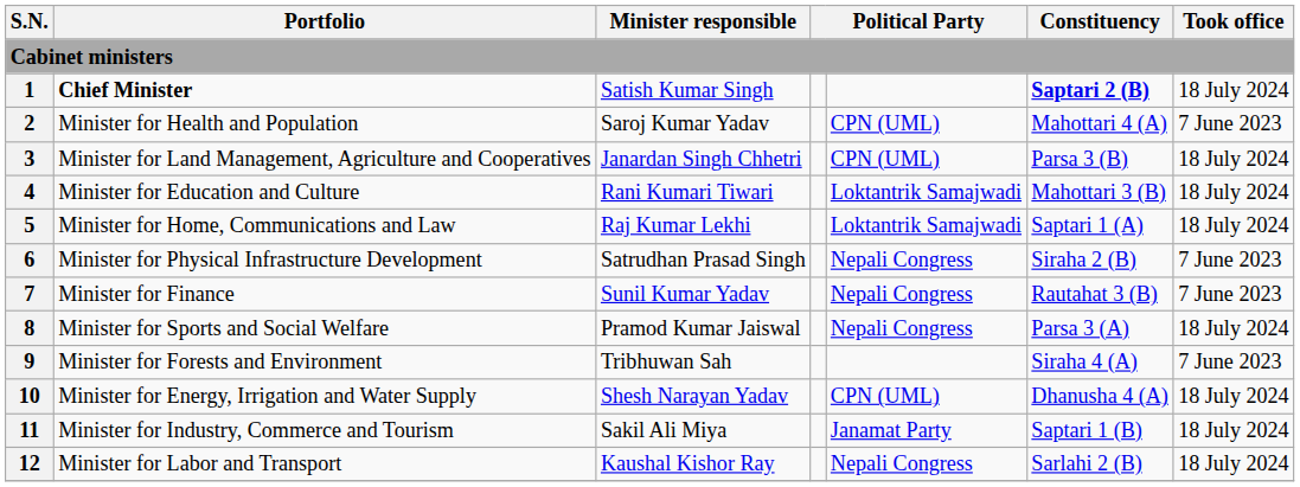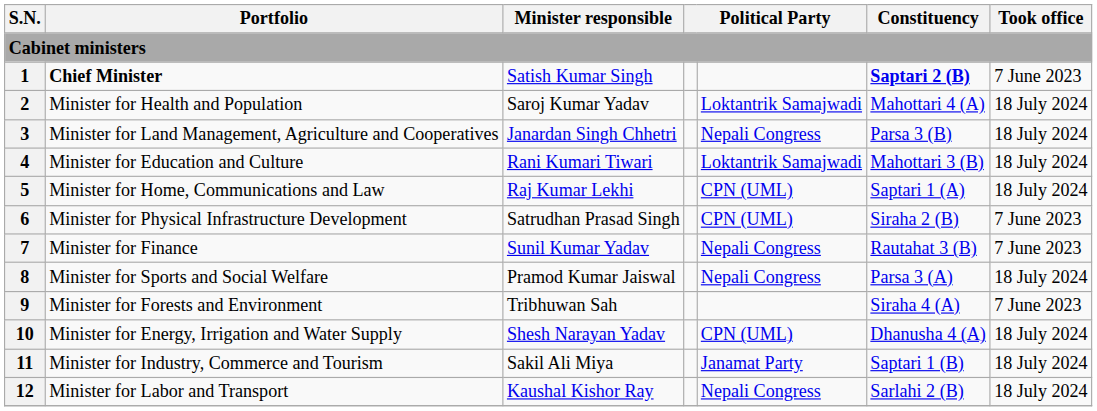 <table class="wikitable">
 <tr>
 <th>S.N.</th>
 <th>Portfolio</th>
 <th>Minister responsible</th>
 <th colspan="2">Political Party</th>
 <th>Constituency</th>
 <th>Took office</th>
 </tr>
 <tr>
 <td colspan="7" bgcolor="darkgrey"><strong>Cabinet ministers</strong></td>
 </tr>
 <tr>
 <th>1</th>
 <td><strong>Chief Minister</strong></td>
 <td><a href='#'>Satish Kumar Singh</a></td>
 <td></td>
 <td></td>
 <td><strong><a href='#'>Saptari 2 (B)</a></strong></td>
-<td>18 July 2024</td>
+<td>7 June 2023</td>
 </tr>
 <tr>
 <th>2</th>
 <td>Minister for Health and Population</td>
 <td>Saroj Kumar Yadav</td>
 <td width="4px"></td>
-<td><a href='#'>CPN (UML)</a></td>
+<td><a href='#'>Loktantrik Samajwadi</a></td>
 <td><a href='#'>Mahottari 4 (A)</a></td>
-<td>7 June 2023</td>
+<td>18 July 2024</td>
 </tr>
 <tr>
 <th>3</th>
 <td>Minister for Land Management, Agriculture and Cooperatives</td>
 <td><a href='#'>Janardan Singh Chhetri</a></td>
 <td width="4px"></td>
-<td><a href='#'>CPN (UML)</a></td>
+<td><a href='#'>Nepali Congress</a></td>
 <td><a href='#'>Parsa 3 (B)</a></td>
 <td>18 July 2024</td>
 </tr>
 <tr>
 <th>4</th>
 <td>Minister for Education and Culture</td>
 <td><a href='#'>Rani Kumari Tiwari</a></td>
 <td width="4px"></td>
 <td><a href='#'>Loktantrik Samajwadi</a></td>
 <td><a href='#'>Mahottari 3 (B)</a></td>
 <td>18 July 2024</td>
 </tr>
 <tr>
 <th>5</th>
 <td>Minister for Home, Communications and Law</td>
 <td><a href='#'>Raj Kumar Lekhi</a></td>
 <td width="4px"></td>
-<td><a href='#'>Loktantrik Samajwadi</a></td>
+<td><a href='#'>CPN (UML)</a></td>
 <td><a href='#'>Saptari 1 (A)</a></td>
 <td>18 July 2024</td>
 </tr>
 <tr>
 <th>6</th>
 <td>Minister for Physical Infrastructure Development</td>
 <td>Satrudhan Prasad Singh</td>
 <td width="4px"></td>
-<td><a href='#'>Nepali Congress</a></td>
+<td><a href='#'>CPN (UML)</a></td>
 <td><a href='#'>Siraha 2 (B)</a></td>
 <td>7 June 2023</td>
 </tr>
 <tr>
 <th>7</th>
 <td>Minister for Finance</td>
 <td><a href='#'>Sunil Kumar Yadav</a></td>
 <td width="4px"></td>
 <td><a href='#'>Nepali Congress</a></td>
 <td><a href='#'>Rautahat 3 (B)</a></td>
 <td>7 June 2023</td>
 </tr>
 <tr>
 <th>8</th>
 <td>Minister for Sports and Social Welfare</td>
 <td>Pramod Kumar Jaiswal</td>
 <td width="4px"></td>
 <td><a href='#'>Nepali Congress</a></td>
 <td><a href='#'>Parsa 3 (A)</a></td>
 <td>18 July 2024</td>
 </tr>
 <tr>
 <th>9</th>
 <td>Minister for Forests and Environment</td>
 <td>Tribhuwan Sah</td>
 <td></td>
 <td></td>
 <td><a href='#'>Siraha 4 (A)</a></td>
 <td>7 June 2023</td>
 </tr>
 <tr>
 <th>10</th>
 <td>Minister for Energy, Irrigation and Water Supply</td>
 <td><a href='#'>Shesh Narayan Yadav</a></td>
 <td width="4px"></td>
 <td><a href='#'>CPN (UML)</a></td>
 <td><a href='#'>Dhanusha 4 (A)</a></td>
 <td>18 July 2024</td>
 </tr>
 <tr>
 <th>11</th>
 <td>Minister for Industry, Commerce and Tourism</td>
 <td>Sakil Ali Miya</td>
 <td width="4px"></td>
 <td><a href='#'>Janamat Party</a></td>
 <td><a href='#'>Saptari 1 (B)</a></td>
 <td>18 July 2024</td>
 </tr>
 <tr>
 <th>12</th>
 <td>Minister for Labor and Transport</td>
 <td><a href='#'>Kaushal Kishor Ray</a></td>
 <td width="4px"></td>
 <td><a href='#'>Nepali Congress</a></td>
 <td><a href='#'>Sarlahi 2 (B)</a></td>
 <td>18 July 2024</td>
 </tr>
 <tr>
 </tr>
 </table>
